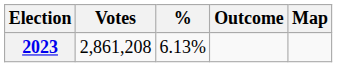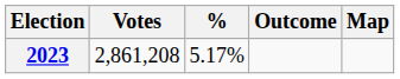 <table class="wikitable" style="text-align: center; border:none">
 <tr>
 <th>Election</th>
 <th>Votes</th>
 <th>%</th>
 <th>Outcome</th>
 <th>Map</th>
 </tr>
 <tr>
 <th><strong><a href='#'>2023</a></strong></th>
 <td>2,861,208</td>
-<td>6.13%</td>
+<td>5.17%</td>
 <td></td>
 <td></td>
 </tr>
 </table>
